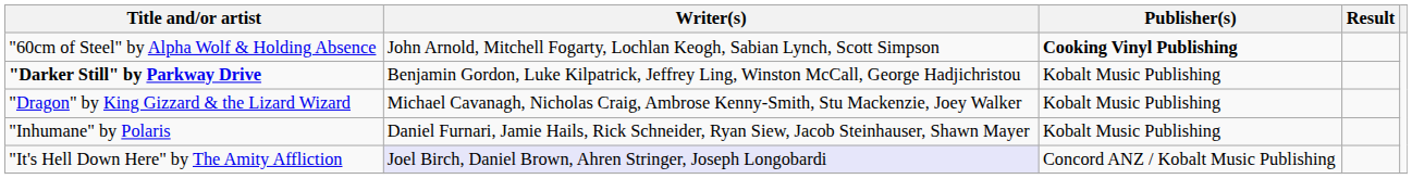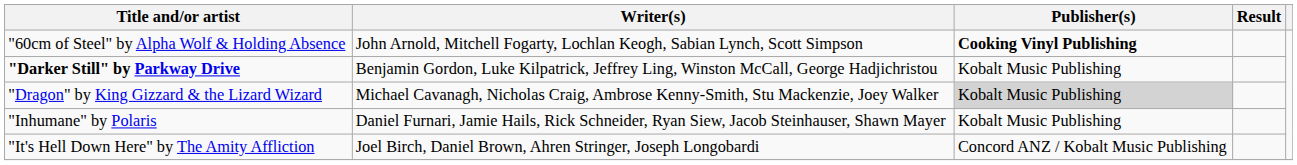 <table class="wikitable" width=100%>
 <tr>
 <th scope="col">Title and/or artist</th>
 <th scope="col">Writer(s)</th>
 <th scope="col">Publisher(s)</th>
 <th scope="col">Result</th>
 <th scope="col"></th>
 </tr>
 <tr>
 <td>"60cm of Steel" by <a href='#'>Alpha Wolf & Holding Absence</a></td>
 <td>John Arnold, Mitchell Fogarty, Lochlan Keogh, Sabian Lynch, Scott Simpson</td>
 <td><strong>Cooking Vinyl Publishing</strong></td>
 <td></td>
 <td rowspan="5"></td>
 </tr>
 <tr>
 <td><strong>"Darker Still" by <a href='#'>Parkway Drive</a></strong></td>
 <td>Benjamin Gordon, Luke Kilpatrick, Jeffrey Ling, Winston McCall, George Hadjichristou</td>
 <td>Kobalt Music Publishing</td>
 <td></td>
 </tr>
 <tr>
 <td>"<a href='#'>Dragon</a>" by <a href='#'>King Gizzard & the Lizard Wizard</a></td>
 <td>Michael Cavanagh, Nicholas Craig, Ambrose Kenny-Smith, Stu Mackenzie, Joey Walker</td>
-<td>Kobalt Music Publishing</td>
+<td style="background: lightgrey;">Kobalt Music Publishing</td>
 <td></td>
 </tr>
 <tr>
 <td>"Inhumane" by <a href='#'>Polaris</a></td>
 <td>Daniel Furnari, Jamie Hails, Rick Schneider, Ryan Siew, Jacob Steinhauser, Shawn Mayer</td>
 <td>Kobalt Music Publishing</td>
 <td></td>
 </tr>
 <tr>
 <td>"It's Hell Down Here" by <a href='#'>The Amity Affliction</a></td>
-<td style="background: lavender;">Joel Birch, Daniel Brown, Ahren Stringer, Joseph Longobardi</td>
+<td>Joel Birch, Daniel Brown, Ahren Stringer, Joseph Longobardi</td>
 <td>Concord ANZ / Kobalt Music Publishing</td>
 <td></td>
 </tr>
 <tr>
 </tr>
 </table>
